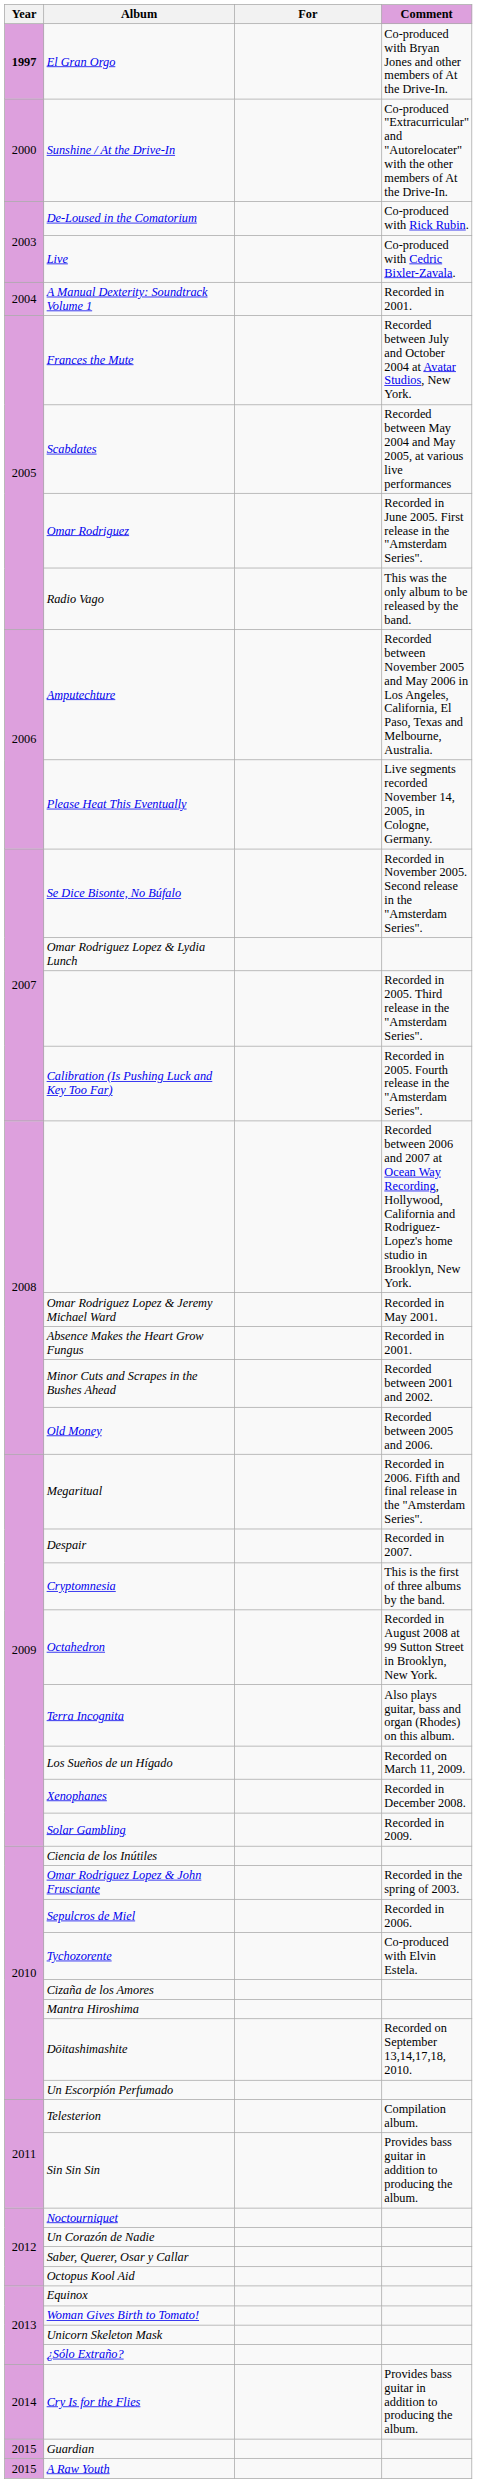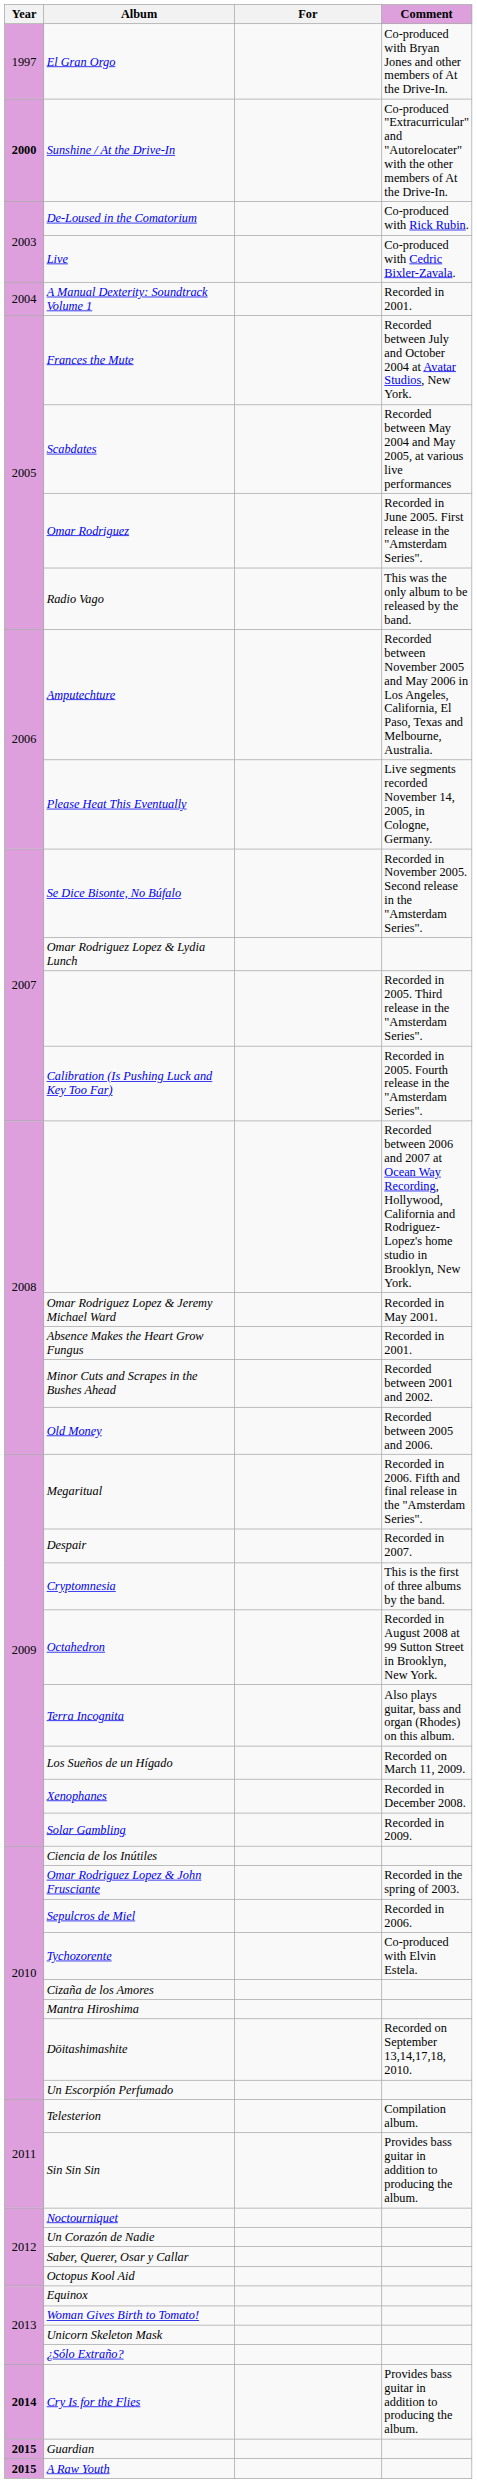 <table class="wikitable sortable">
 <tr>
 <th style="width:3em" style="background: #DDA0DD">Year</th>
 <th style="width:18em" style="background: #DDA0DD">Album</th>
 <th style="width:15em" style="background: #DDA0DD">For</th>
 <th class="unsortable" style="background: #DDA0DD">Comment</th>
 </tr>
 <tr>
-<td style="background: #DDA0DD" align="center"><strong>1997</strong></td>
+<td style="background: #DDA0DD" align="center">1997</td>
 <td><em><a href='#'>El Gran Orgo</a></em></td>
 <td align="center"></td>
 <td>Co-produced with Bryan Jones and other members of At the Drive-In.</td>
 </tr>
 <tr>
-<td style="background: #DDA0DD" align="center">2000</td>
+<td style="background: #DDA0DD" align="center"><strong>2000</strong></td>
 <td><em><a href='#'>Sunshine / At the Drive-In</a></em></td>
 <td align="center"></td>
 <td>Co-produced "Extracurricular" and "Autorelocater" with the other members of At the Drive-In.</td>
 </tr>
 <tr>
 <td style="background: #DDA0DD" align="center" rowspan="2">2003</td>
 <td><em><a href='#'>De-Loused in the Comatorium</a></em></td>
 <td align="center"></td>
 <td>Co-produced with <a href='#'>Rick Rubin</a>.</td>
 </tr>
 <tr>
 <td><em><a href='#'>Live</a></em></td>
 <td align="center"></td>
 <td>Co-produced with <a href='#'>Cedric Bixler-Zavala</a>.</td>
 </tr>
 <tr>
 <td style="background: #DDA0DD" align="center">2004</td>
 <td><em><a href='#'>A Manual Dexterity: Soundtrack Volume 1</a></em></td>
 <td align="center"></td>
 <td>Recorded in 2001.</td>
 </tr>
 <tr>
 <td style="background: #DDA0DD" align="center" rowspan="4">2005</td>
 <td><em><a href='#'>Frances the Mute</a></em></td>
 <td align="center"></td>
 <td>Recorded between July and October 2004 at <a href='#'>Avatar Studios</a>, New York.</td>
 </tr>
 <tr>
 <td><em><a href='#'>Scabdates</a></em></td>
 <td align="center"></td>
 <td>Recorded between May 2004 and May 2005, at various live performances</td>
 </tr>
 <tr>
 <td><em><a href='#'>Omar Rodriguez</a></em></td>
 <td align="center"></td>
 <td>Recorded in June 2005. First release in the "Amsterdam Series".</td>
 </tr>
 <tr>
 <td><em>Radio Vago</em></td>
 <td align="center"></td>
 <td>This was the only album to be released by the band.</td>
 </tr>
 <tr>
 <td style="background: #DDA0DD" align="center" rowspan="2">2006</td>
 <td><em><a href='#'>Amputechture</a></em></td>
 <td align="center"></td>
 <td>Recorded between November 2005 and May 2006 in Los Angeles, California, El Paso, Texas and Melbourne, Australia.</td>
 </tr>
 <tr>
 <td><em><a href='#'>Please Heat This Eventually</a></em></td>
 <td align="center"></td>
 <td>Live segments recorded November 14, 2005, in Cologne, Germany.</td>
 </tr>
 <tr>
 <td style="background: #DDA0DD" align="center" rowspan="4">2007</td>
 <td><em><a href='#'>Se Dice Bisonte, No Búfalo</a></em></td>
 <td align="center"></td>
 <td>Recorded in November 2005. Second release in the "Amsterdam Series".</td>
 </tr>
 <tr>
 <td><em>Omar Rodriguez Lopez & Lydia Lunch</em></td>
 <td align="center"></td>
 <td></td>
 </tr>
 <tr>
 <td><em></em></td>
 <td align="center"></td>
 <td>Recorded in 2005. Third release in the "Amsterdam Series".</td>
 </tr>
 <tr>
 <td><em><a href='#'>Calibration (Is Pushing Luck and Key Too Far)</a></em></td>
 <td align="center"></td>
 <td>Recorded in 2005. Fourth release in the "Amsterdam Series".</td>
 </tr>
 <tr>
 <td style="background: #DDA0DD" align="center" rowspan="5">2008</td>
 <td><em></em></td>
 <td align="center"></td>
 <td>Recorded between 2006 and 2007 at <a href='#'>Ocean Way Recording</a>, Hollywood, California and Rodriguez-Lopez's home studio in Brooklyn, New York.</td>
 </tr>
 <tr>
 <td><em>Omar Rodriguez Lopez & Jeremy Michael Ward</em></td>
 <td align="center"></td>
 <td>Recorded in May 2001.</td>
 </tr>
 <tr>
 <td><em>Absence Makes the Heart Grow Fungus</em></td>
 <td align="center"></td>
 <td>Recorded in 2001.</td>
 </tr>
 <tr>
 <td><em>Minor Cuts and Scrapes in the Bushes Ahead</em></td>
 <td align="center"></td>
 <td>Recorded between 2001 and 2002.</td>
 </tr>
 <tr>
 <td><em><a href='#'>Old Money</a></em></td>
 <td align="center"></td>
 <td>Recorded between 2005 and 2006.</td>
 </tr>
 <tr>
 <td style="background: #DDA0DD" align="center" rowspan="8">2009</td>
 <td><em>Megaritual</em></td>
 <td align="center"></td>
 <td>Recorded in 2006. Fifth and final release in the "Amsterdam Series".</td>
 </tr>
 <tr>
 <td><em>Despair</em></td>
 <td align="center"></td>
 <td>Recorded in 2007.</td>
 </tr>
 <tr>
 <td><em><a href='#'>Cryptomnesia</a></em></td>
 <td align="center"></td>
 <td>This is the first of three albums by the band.</td>
 </tr>
 <tr>
 <td><em><a href='#'>Octahedron</a></em></td>
 <td align="center"></td>
 <td>Recorded in August 2008 at 99 Sutton Street in Brooklyn, New York.</td>
 </tr>
 <tr>
 <td><em><a href='#'>Terra Incognita</a></em></td>
 <td align="center"></td>
 <td>Also plays guitar, bass and organ (Rhodes) on this album.</td>
 </tr>
 <tr>
 <td><em>Los Sueños de un Hígado</em></td>
 <td align="center"></td>
 <td>Recorded on March 11, 2009.</td>
 </tr>
 <tr>
 <td><em><a href='#'>Xenophanes</a></em></td>
 <td align="center"></td>
 <td>Recorded in December 2008.</td>
 </tr>
 <tr>
 <td><em><a href='#'>Solar Gambling</a></em></td>
 <td align="center"></td>
 <td>Recorded in 2009.</td>
 </tr>
 <tr>
 <td style="background: #DDA0DD" align="center" rowspan="8">2010</td>
 <td><em>Ciencia de los Inútiles</em></td>
 <td align="center"></td>
 <td></td>
 </tr>
 <tr>
 <td><em><a href='#'>Omar Rodriguez Lopez & John Frusciante</a></em></td>
 <td align="center"></td>
 <td>Recorded in the spring of 2003.</td>
 </tr>
 <tr>
 <td><em><a href='#'>Sepulcros de Miel</a></em></td>
 <td align="center"></td>
 <td>Recorded in 2006.</td>
 </tr>
 <tr>
 <td><em><a href='#'>Tychozorente</a></em></td>
 <td align="center"></td>
 <td>Co-produced with Elvin Estela.</td>
 </tr>
 <tr>
 <td><em>Cizaña de los Amores</em></td>
 <td align="center"></td>
 <td></td>
 </tr>
 <tr>
 <td><em>Mantra Hiroshima</em></td>
 <td align="center"></td>
 <td></td>
 </tr>
 <tr>
 <td><em>Dōitashimashite</em></td>
 <td align="center"></td>
 <td>Recorded on September 13,14,17,18, 2010.</td>
 </tr>
 <tr>
 <td><em>Un Escorpión Perfumado</em></td>
 <td align="center"></td>
 <td></td>
 </tr>
 <tr>
 <td style="background: #DDA0DD" align="center" rowspan="2">2011</td>
 <td><em>Telesterion</em></td>
 <td align="center"></td>
 <td>Compilation album.</td>
 </tr>
 <tr>
 <td><em>Sin Sin Sin</em></td>
 <td align="center"></td>
 <td>Provides bass guitar in addition to producing the album.</td>
 </tr>
 <tr>
 <td style="background: #DDA0DD" align="center" rowspan="4">2012</td>
 <td><em><a href='#'>Noctourniquet</a></em></td>
 <td align="center"></td>
 <td></td>
 </tr>
 <tr>
 <td><em>Un Corazón de Nadie</em></td>
 <td align="center"></td>
 <td></td>
 </tr>
 <tr>
 <td><em>Saber, Querer, Osar y Callar</em></td>
 <td align="center"></td>
 <td></td>
 </tr>
 <tr>
 <td><em>Octopus Kool Aid</em></td>
 <td align="center"></td>
 <td></td>
 </tr>
 <tr>
 <td style="background: #DDA0DD" align="center" rowspan="4">2013</td>
 <td><em>Equinox</em></td>
 <td align="center"></td>
 <td></td>
 </tr>
 <tr>
 <td><em><a href='#'>Woman Gives Birth to Tomato!</a></em></td>
 <td align="center"></td>
 <td></td>
 </tr>
 <tr>
 <td><em>Unicorn Skeleton Mask</em></td>
 <td align="center"></td>
 <td></td>
 </tr>
 <tr>
 <td><em><a href='#'>¿Sólo Extraño?</a></em></td>
 <td align="center"></td>
 <td></td>
 </tr>
 <tr>
-<td style="background: #DDA0DD" align="center">2014</td>
+<td style="background: #DDA0DD" align="center"><strong>2014</strong></td>
 <td><em><a href='#'>Cry Is for the Flies</a></em></td>
 <td align="center"></td>
 <td>Provides bass guitar in addition to producing the album.</td>
 </tr>
 <tr>
-<td style="background: #DDA0DD" align="center">2015</td>
+<td style="background: #DDA0DD" align="center"><strong>2015</strong></td>
 <td><em>Guardian</em></td>
 <td align="center"></td>
 <td></td>
 </tr>
 <tr>
-<td style="background: #DDA0DD" align="center">2015</td>
+<td style="background: #DDA0DD" align="center"><strong>2015</strong></td>
 <td><em><a href='#'>A Raw Youth</a></em></td>
 <td align="center"></td>
 <td></td>
 </tr>
 </table>
